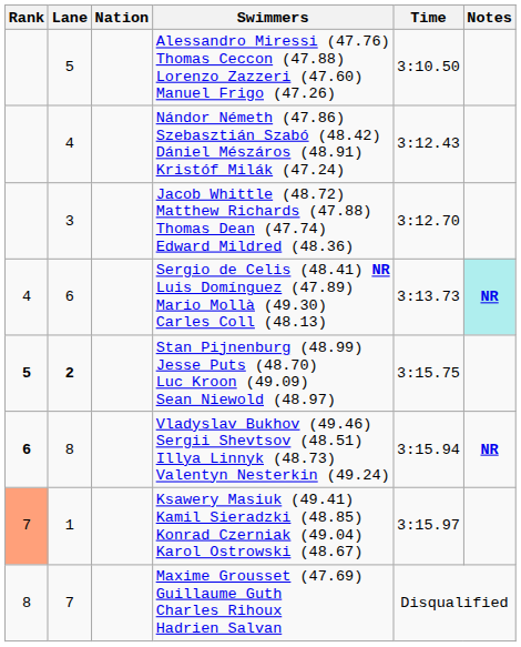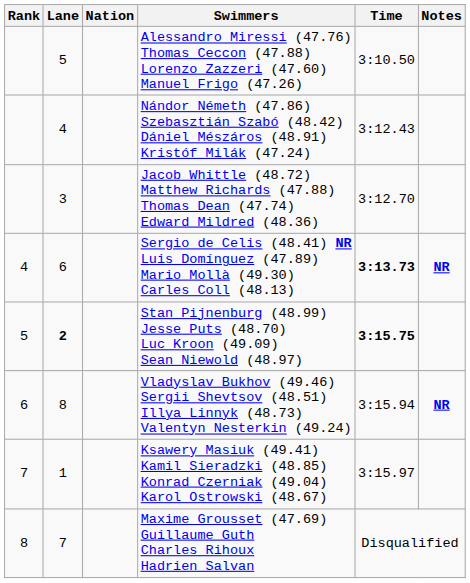 <table class="wikitable sortable" style="text-align:center">
 <tr>
 <th>Rank</th>
 <th>Lane</th>
 <th>Nation</th>
 <th>Swimmers</th>
 <th>Time</th>
 <th>Notes</th>
 </tr>
 <tr>
 <td></td>
 <td>5</td>
 <td align=left></td>
 <td align=left><a href='#'>Alessandro Miressi</a> (47.76)<br><a href='#'>Thomas Ceccon</a> (47.88)<br><a href='#'>Lorenzo Zazzeri</a> (47.60)<br><a href='#'>Manuel Frigo</a> (47.26)</td>
 <td>3:10.50</td>
 <td></td>
 </tr>
 <tr>
 <td></td>
 <td>4</td>
 <td align=left></td>
 <td align=left><a href='#'>Nándor Németh</a> (47.86)<br><a href='#'>Szebasztián Szabó</a> (48.42)<br><a href='#'>Dániel Mészáros</a> (48.91)<br><a href='#'>Kristóf Milák</a> (47.24)</td>
 <td>3:12.43</td>
 <td></td>
 </tr>
 <tr>
 <td></td>
 <td>3</td>
 <td align=left></td>
 <td align=left><a href='#'>Jacob Whittle</a> (48.72)<br><a href='#'>Matthew Richards</a> (47.88)<br><a href='#'>Thomas Dean</a> (47.74)<br><a href='#'>Edward Mildred</a> (48.36)</td>
 <td>3:12.70</td>
 <td></td>
 </tr>
 <tr>
 <td>4</td>
 <td>6</td>
 <td align=left></td>
 <td align=left><a href='#'>Sergio de Celis</a> (48.41) <strong><a href='#'>NR</a></strong> <br><a href='#'>Luis Domínguez</a> (47.89)<br><a href='#'>Mario Mollà</a> (49.30)<br><a href='#'>Carles Coll</a> (48.13)</td>
-<td>3:13.73</td>
-<td style="background: paleturquoise;"><strong><a href='#'>NR</a></strong></td>
+<td><strong>3:13.73</strong></td>
+<td><strong><a href='#'>NR</a></strong></td>
 </tr>
 <tr>
-<td><strong>5</strong></td>
+<td>5</td>
 <td><strong>2</strong></td>
 <td align=left></td>
 <td align=left><a href='#'>Stan Pijnenburg</a> (48.99)<br><a href='#'>Jesse Puts</a> (48.70)<br><a href='#'>Luc Kroon</a> (49.09)<br><a href='#'>Sean Niewold</a> (48.97)</td>
-<td>3:15.75</td>
+<td><strong>3:15.75</strong></td>
 <td></td>
 </tr>
 <tr>
-<td><strong>6</strong></td>
+<td>6</td>
 <td>8</td>
 <td align=left></td>
 <td align=left><a href='#'>Vladyslav Bukhov</a> (49.46)<br><a href='#'>Sergii Shevtsov</a> (48.51)<br><a href='#'>Illya Linnyk</a> (48.73)<br><a href='#'>Valentyn Nesterkin</a> (49.24)</td>
 <td>3:15.94</td>
 <td><strong><a href='#'>NR</a></strong></td>
 </tr>
 <tr>
-<td style="background: lightsalmon;">7</td>
+<td>7</td>
 <td>1</td>
 <td align=left></td>
 <td align=left><a href='#'>Ksawery Masiuk</a> (49.41)<br><a href='#'>Kamil Sieradzki</a> (48.85)<br><a href='#'>Konrad Czerniak</a> (49.04)<br><a href='#'>Karol Ostrowski</a> (48.67)</td>
 <td>3:15.97</td>
 <td></td>
 </tr>
 <tr>
 <td>8</td>
 <td>7</td>
 <td align=left></td>
 <td align=left><a href='#'>Maxime Grousset</a> (47.69)<br><a href='#'>Guillaume Guth</a><br><a href='#'>Charles Rihoux</a><br><a href='#'>Hadrien Salvan</a></td>
 <td colspan=2>Disqualified</td>
 </tr>
 </table>
